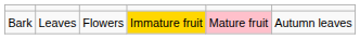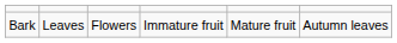 <table class="wikitable">
 <tr>
 <td></td>
 <td></td>
 <td></td>
 <td></td>
 <td></td>
 <td></td>
 </tr>
 <tr>
 <td><small>Bark</small></td>
 <td><small>Leaves</small></td>
 <td><small>Flowers</small></td>
-<td style="background: gold;"><small>Immature fruit</small></td>
-<td style="background: pink;"><small>Mature fruit</small></td>
+<td><small>Immature fruit</small></td>
+<td><small>Mature fruit</small></td>
 <td><small>Autumn leaves</small></td>
 </tr>
 </table>
